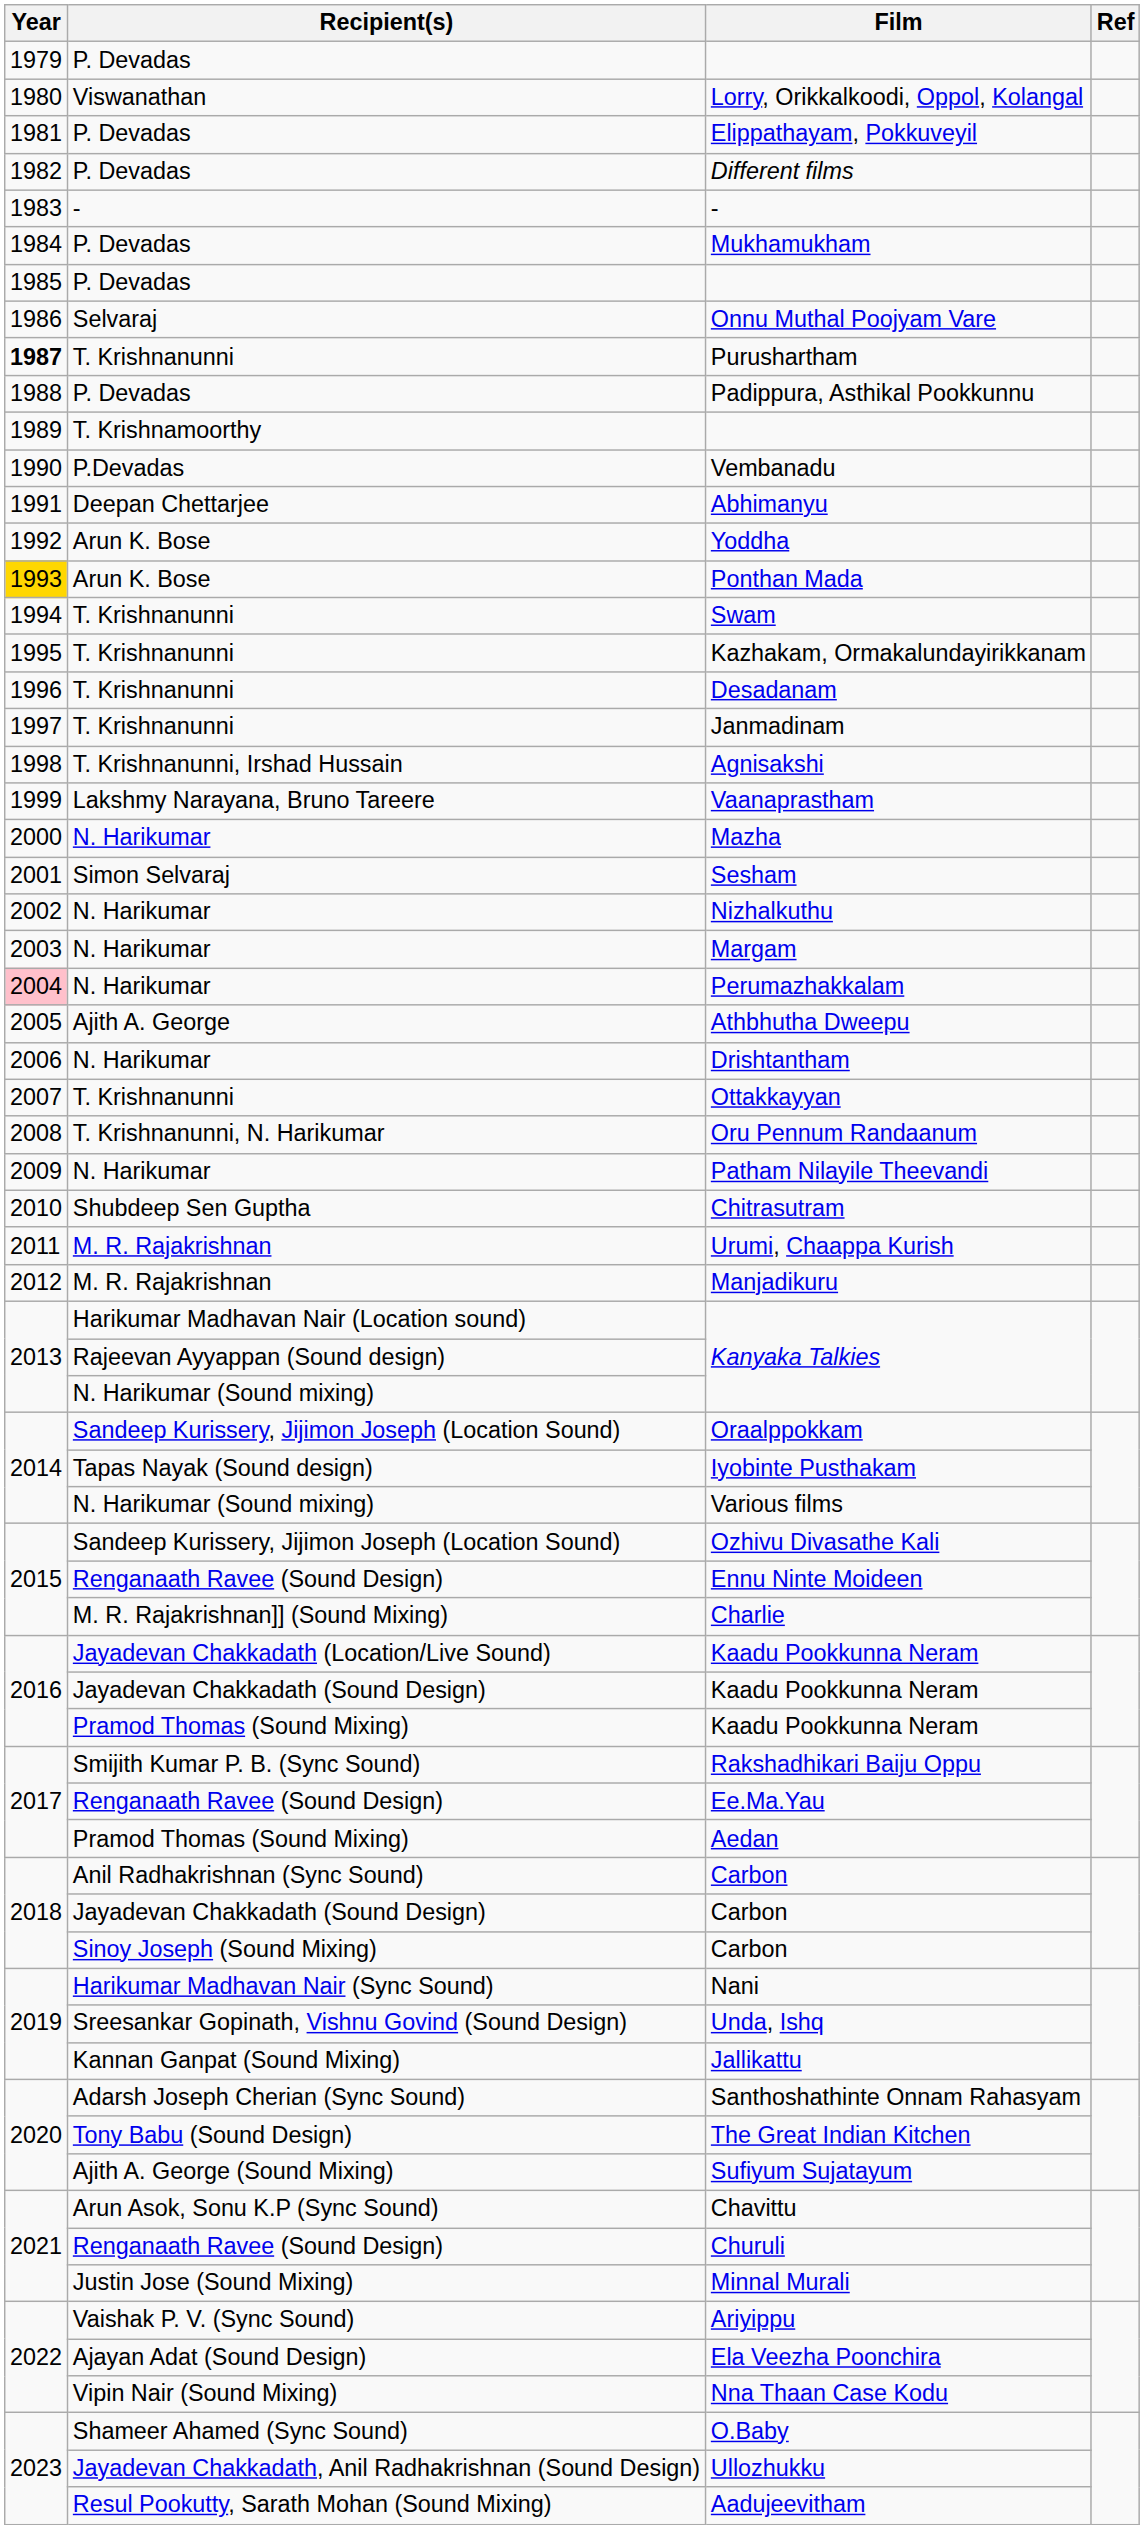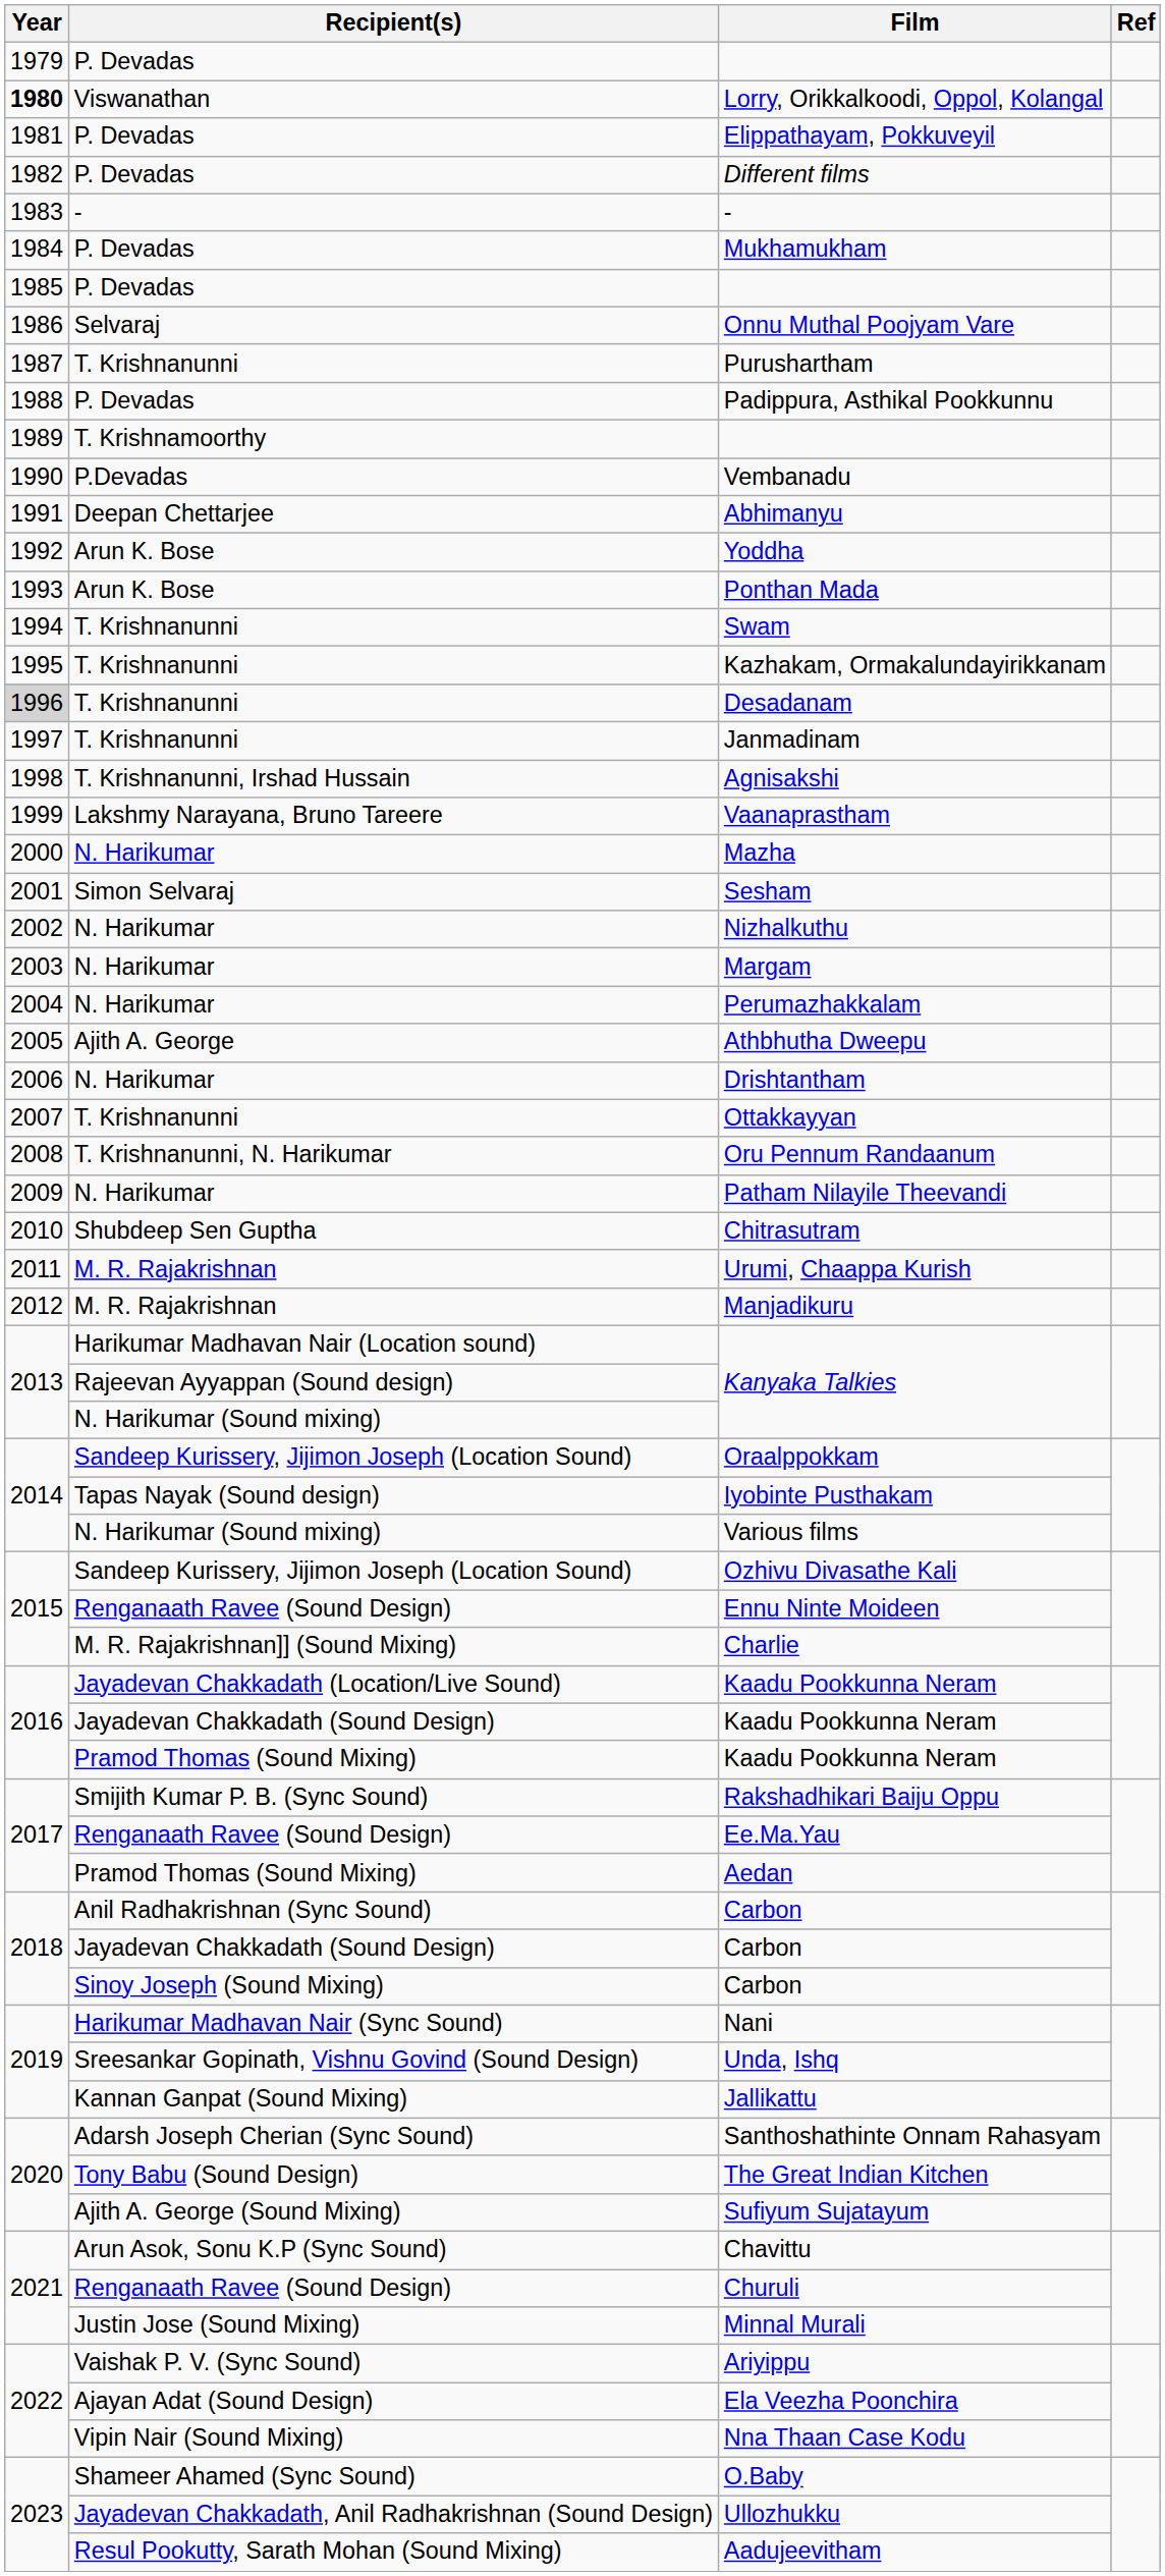 <table class="wikitable">
 <tr>
 <th>Year</th>
 <th>Recipient(s)</th>
 <th>Film</th>
 <th>Ref</th>
 </tr>
 <tr>
 <td>1979</td>
 <td>P. Devadas</td>
 <td></td>
 <td></td>
 </tr>
 <tr>
-<td>1980</td>
+<td><strong>1980</strong></td>
 <td>Viswanathan</td>
 <td><a href='#'>Lorry</a>, Orikkalkoodi, <a href='#'>Oppol</a>, <a href='#'>Kolangal</a></td>
 <td></td>
 </tr>
 <tr>
 <td>1981</td>
 <td>P. Devadas</td>
 <td><a href='#'>Elippathayam</a>, <a href='#'>Pokkuveyil</a></td>
 <td></td>
 </tr>
 <tr>
 <td>1982</td>
 <td>P. Devadas</td>
 <td><em>Different films</em></td>
 <td></td>
 </tr>
 <tr>
 <td>1983</td>
 <td>-</td>
 <td>-</td>
 <td></td>
 </tr>
 <tr>
 <td>1984</td>
 <td>P. Devadas</td>
 <td><a href='#'>Mukhamukham</a></td>
 <td></td>
 </tr>
 <tr>
 <td>1985</td>
 <td>P. Devadas</td>
 <td></td>
 <td></td>
 </tr>
 <tr>
 <td>1986</td>
 <td>Selvaraj</td>
 <td><a href='#'>Onnu Muthal Poojyam Vare</a></td>
 <td></td>
 </tr>
 <tr>
-<td><strong>1987</strong></td>
+<td>1987</td>
 <td>T. Krishnanunni</td>
 <td>Purushartham</td>
 <td></td>
 </tr>
 <tr>
 <td>1988</td>
 <td>P. Devadas</td>
 <td>Padippura, Asthikal Pookkunnu</td>
 <td></td>
 </tr>
 <tr>
 <td>1989</td>
 <td>T. Krishnamoorthy</td>
 <td></td>
 <td></td>
 </tr>
 <tr>
 <td>1990</td>
 <td>P.Devadas</td>
 <td>Vembanadu</td>
 <td></td>
 </tr>
 <tr>
 <td>1991</td>
 <td>Deepan Chettarjee</td>
 <td><a href='#'>Abhimanyu</a></td>
 <td></td>
 </tr>
 <tr>
 <td>1992</td>
 <td>Arun K. Bose</td>
 <td><a href='#'>Yoddha</a></td>
 <td></td>
 </tr>
 <tr>
-<td style="background: gold;">1993</td>
+<td>1993</td>
 <td>Arun K. Bose</td>
 <td><a href='#'>Ponthan Mada</a></td>
 <td></td>
 </tr>
 <tr>
 <td>1994</td>
 <td>T. Krishnanunni</td>
 <td><a href='#'>Swam</a></td>
 <td></td>
 </tr>
 <tr>
 <td>1995</td>
 <td>T. Krishnanunni</td>
 <td>Kazhakam, Ormakalundayirikkanam</td>
 <td></td>
 </tr>
 <tr>
-<td>1996</td>
+<td style="background: lightgrey;">1996</td>
 <td>T. Krishnanunni</td>
 <td><a href='#'>Desadanam</a></td>
 <td></td>
 </tr>
 <tr>
 <td>1997</td>
 <td>T. Krishnanunni</td>
 <td>Janmadinam</td>
 <td></td>
 </tr>
 <tr>
 <td>1998</td>
 <td>T. Krishnanunni, Irshad Hussain</td>
 <td><a href='#'>Agnisakshi</a></td>
 <td></td>
 </tr>
 <tr>
 <td>1999</td>
 <td>Lakshmy Narayana, Bruno Tareere</td>
 <td><a href='#'>Vaanaprastham</a></td>
 <td></td>
 </tr>
 <tr>
 <td>2000</td>
 <td><a href='#'>N. Harikumar</a></td>
 <td><a href='#'>Mazha</a></td>
 <td></td>
 </tr>
 <tr>
 <td>2001</td>
 <td>Simon Selvaraj</td>
 <td><a href='#'>Sesham</a></td>
 <td></td>
 </tr>
 <tr>
 <td>2002</td>
 <td>N. Harikumar</td>
 <td><a href='#'>Nizhalkuthu</a></td>
 <td></td>
 </tr>
 <tr>
 <td>2003</td>
 <td>N. Harikumar</td>
 <td><a href='#'>Margam</a></td>
 <td></td>
 </tr>
 <tr>
-<td style="background: pink;">2004</td>
+<td>2004</td>
 <td>N. Harikumar</td>
 <td><a href='#'>Perumazhakkalam</a></td>
 <td></td>
 </tr>
 <tr>
 <td>2005</td>
 <td>Ajith A. George</td>
 <td><a href='#'>Athbhutha Dweepu</a></td>
 <td></td>
 </tr>
 <tr>
 <td>2006</td>
 <td>N. Harikumar</td>
 <td><a href='#'>Drishtantham</a></td>
 <td></td>
 </tr>
 <tr>
 <td>2007</td>
 <td>T. Krishnanunni</td>
 <td><a href='#'>Ottakkayyan</a></td>
 <td></td>
 </tr>
 <tr>
 <td>2008</td>
 <td>T. Krishnanunni, N. Harikumar</td>
 <td><a href='#'>Oru Pennum Randaanum</a></td>
 <td></td>
 </tr>
 <tr>
 <td>2009</td>
 <td>N. Harikumar</td>
 <td><a href='#'>Patham Nilayile Theevandi</a></td>
 <td></td>
 </tr>
 <tr>
 <td>2010</td>
 <td>Shubdeep Sen Guptha</td>
 <td><a href='#'>Chitrasutram</a></td>
 <td></td>
 </tr>
 <tr>
 <td>2011</td>
 <td><a href='#'>M. R. Rajakrishnan</a></td>
 <td><a href='#'>Urumi</a>, <a href='#'>Chaappa Kurish</a></td>
 <td></td>
 </tr>
 <tr>
 <td>2012</td>
 <td>M. R. Rajakrishnan</td>
 <td><a href='#'>Manjadikuru</a></td>
 <td></td>
 </tr>
 <tr>
 <td rowspan="3">2013</td>
 <td>Harikumar Madhavan Nair (Location sound)</td>
 <td rowspan="3"><em><a href='#'>Kanyaka Talkies</a></em></td>
 <td rowspan="3"></td>
 </tr>
 <tr>
 <td>Rajeevan Ayyappan (Sound design)</td>
 </tr>
 <tr>
 <td>N. Harikumar (Sound mixing)</td>
 </tr>
 <tr>
 <td rowspan="3">2014</td>
 <td><a href='#'>Sandeep Kurissery</a>, <a href='#'>Jijimon Joseph</a> (Location Sound)</td>
 <td><a href='#'>Oraalppokkam</a></td>
 <td rowspan="3"></td>
 </tr>
 <tr>
 <td>Tapas Nayak (Sound design)</td>
 <td><a href='#'>Iyobinte Pusthakam</a></td>
 </tr>
 <tr>
 <td>N. Harikumar (Sound mixing)</td>
 <td>Various films</td>
 </tr>
 <tr>
 <td rowspan="3">2015</td>
 <td>Sandeep Kurissery, Jijimon Joseph (Location Sound)</td>
 <td><a href='#'>Ozhivu Divasathe Kali</a></td>
 <td rowspan="3"></td>
 </tr>
 <tr>
 <td><a href='#'>Renganaath Ravee</a> (Sound Design)</td>
 <td><a href='#'>Ennu Ninte Moideen</a></td>
 </tr>
 <tr>
 <td>M. R. Rajakrishnan]] (Sound Mixing)</td>
 <td><a href='#'>Charlie</a></td>
 </tr>
 <tr>
 <td rowspan="3">2016</td>
 <td><a href='#'>Jayadevan Chakkadath</a> (Location/Live Sound)</td>
 <td><a href='#'>Kaadu Pookkunna Neram</a></td>
 <td rowspan="3"></td>
 </tr>
 <tr>
 <td>Jayadevan Chakkadath (Sound Design)</td>
 <td>Kaadu Pookkunna Neram</td>
 </tr>
 <tr>
 <td><a href='#'>Pramod Thomas</a> (Sound Mixing)</td>
 <td>Kaadu Pookkunna Neram</td>
 </tr>
 <tr>
 <td rowspan="3">2017</td>
 <td>Smijith Kumar P. B. (Sync Sound)</td>
 <td><a href='#'>Rakshadhikari Baiju Oppu</a></td>
 <td rowspan="3"></td>
 </tr>
 <tr>
 <td><a href='#'>Renganaath Ravee</a> (Sound Design)</td>
 <td><a href='#'>Ee.Ma.Yau</a></td>
 </tr>
 <tr>
 <td>Pramod Thomas (Sound Mixing)</td>
 <td><a href='#'>Aedan</a></td>
 </tr>
 <tr>
 <td rowspan="3">2018</td>
 <td>Anil Radhakrishnan (Sync Sound)</td>
 <td><a href='#'>Carbon</a></td>
 <td rowspan="3"></td>
 </tr>
 <tr>
 <td>Jayadevan Chakkadath (Sound Design)</td>
 <td>Carbon</td>
 </tr>
 <tr>
 <td><a href='#'>Sinoy Joseph</a> (Sound Mixing)</td>
 <td>Carbon</td>
 </tr>
 <tr>
 <td rowspan="3">2019</td>
 <td><a href='#'>Harikumar Madhavan Nair</a> (Sync Sound)</td>
 <td>Nani</td>
 <td rowspan="3"></td>
 </tr>
 <tr>
 <td>Sreesankar Gopinath, <a href='#'>Vishnu Govind</a> (Sound Design)</td>
 <td><a href='#'>Unda</a>, <a href='#'>Ishq</a></td>
 </tr>
 <tr>
 <td>Kannan Ganpat (Sound Mixing)</td>
 <td><a href='#'>Jallikattu</a></td>
 </tr>
 <tr>
 <td rowspan="3">2020</td>
 <td>Adarsh Joseph Cherian (Sync Sound)</td>
 <td>Santhoshathinte Onnam Rahasyam</td>
 <td rowspan="3"></td>
 </tr>
 <tr>
 <td><a href='#'>Tony Babu</a> (Sound Design)</td>
 <td><a href='#'>The Great Indian Kitchen</a></td>
 </tr>
 <tr>
 <td>Ajith A. George (Sound Mixing)</td>
 <td><a href='#'>Sufiyum Sujatayum</a></td>
 </tr>
 <tr>
 <td rowspan="3">2021</td>
 <td>Arun Asok, Sonu K.P (Sync Sound)</td>
 <td>Chavittu</td>
 <td rowspan="3"></td>
 </tr>
 <tr>
 <td><a href='#'>Renganaath Ravee</a> (Sound Design)</td>
 <td><a href='#'>Churuli</a></td>
 </tr>
 <tr>
 <td>Justin Jose (Sound Mixing)</td>
 <td><a href='#'>Minnal Murali</a></td>
 </tr>
 <tr>
 <td rowspan="3">2022</td>
 <td>Vaishak P. V. (Sync Sound)</td>
 <td><a href='#'>Ariyippu</a></td>
 <td rowspan="3"></td>
 </tr>
 <tr>
 <td>Ajayan Adat (Sound Design)</td>
 <td><a href='#'>Ela Veezha Poonchira</a></td>
 </tr>
 <tr>
 <td>Vipin Nair (Sound Mixing)</td>
 <td><a href='#'>Nna Thaan Case Kodu</a></td>
 </tr>
 <tr>
 <td rowspan="3">2023</td>
 <td>Shameer Ahamed (Sync Sound)</td>
 <td><a href='#'>O.Baby</a></td>
 <td rowspan="3"></td>
 </tr>
 <tr>
 <td><a href='#'>Jayadevan Chakkadath</a>, Anil Radhakrishnan (Sound Design)</td>
 <td><a href='#'>Ullozhukku</a></td>
 </tr>
 <tr>
 <td><a href='#'>Resul Pookutty</a>, Sarath Mohan (Sound Mixing)</td>
 <td><a href='#'>Aadujeevitham</a></td>
 </tr>
 </table>
